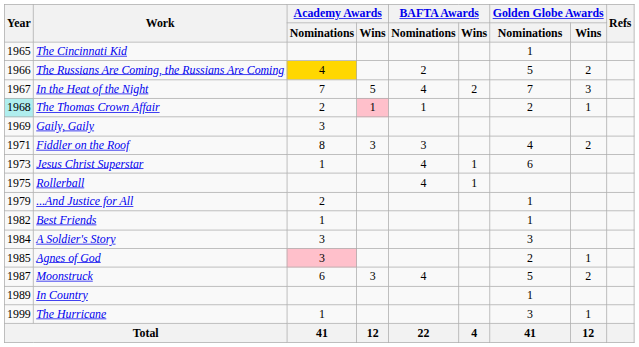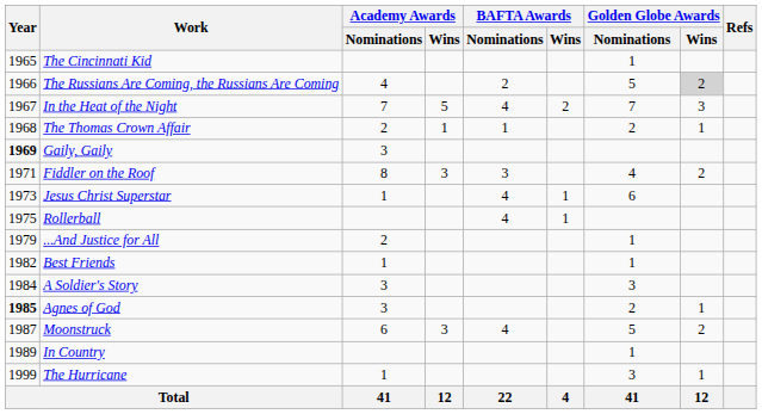 <table class="wikitable ">
 <tr>
 <th rowspan="2">Year</th>
 <th rowspan="2">Work</th>
 <th colspan="2" style="text-align:center;" with="160"><a href='#'>Academy Awards</a></th>
 <th colspan="2" style="text-align:center;" with="160"><a href='#'>BAFTA Awards</a></th>
 <th colspan="2" style="text-align:center;" with="160"><a href='#'>Golden Globe Awards</a></th>
 <th rowspan="2">Refs</th>
 </tr>
 <tr>
 <th>Nominations</th>
 <th>Wins</th>
 <th>Nominations</th>
 <th>Wins</th>
 <th>Nominations</th>
 <th>Wins</th>
 </tr>
 <tr>
 <td>1965</td>
 <td><em><a href='#'>The Cincinnati Kid</a></em></td>
 <td></td>
 <td></td>
 <td></td>
 <td></td>
 <td style="text-align:center;">1</td>
 <td></td>
 <td style="text-align:center;"></td>
 </tr>
 <tr>
 <td>1966</td>
 <td><em><a href='#'>The Russians Are Coming, the Russians Are Coming</a></em></td>
-<td style="background: gold; text-align:center;">4</td>
+<td style="text-align:center;">4</td>
 <td></td>
 <td style="text-align:center;">2</td>
 <td></td>
 <td style="text-align:center;">5</td>
-<td style="text-align:center;">2</td>
+<td style="background: lightgrey; text-align:center;">2</td>
 <td style="text-align:center;"></td>
 </tr>
 <tr>
 <td>1967</td>
 <td><em><a href='#'>In the Heat of the Night</a></em></td>
 <td style="text-align:center;">7</td>
 <td style="text-align:center;">5</td>
 <td style="text-align:center;">4</td>
 <td style="text-align:center;">2</td>
 <td style="text-align:center;">7</td>
 <td style="text-align:center;">3</td>
 <td style="text-align:center;"></td>
 </tr>
 <tr>
-<td style="background: paleturquoise;">1968</td>
+<td>1968</td>
 <td><em><a href='#'>The Thomas Crown Affair</a></em></td>
 <td style="text-align:center;">2</td>
-<td style="background: pink; text-align:center;">1</td>
+<td style="text-align:center;">1</td>
 <td style="text-align:center;">1</td>
 <td></td>
 <td style="text-align:center;">2</td>
 <td style="text-align:center;">1</td>
 <td style="text-align:center;"></td>
 </tr>
 <tr>
-<td>1969</td>
+<td><strong>1969</strong></td>
 <td><em><a href='#'>Gaily, Gaily</a></em></td>
 <td style="text-align:center;">3</td>
 <td></td>
 <td></td>
 <td></td>
 <td></td>
 <td></td>
 <td style="text-align:center;"></td>
 </tr>
 <tr>
 <td>1971</td>
 <td><em><a href='#'>Fiddler on the Roof</a></em></td>
 <td style="text-align:center;">8</td>
 <td style="text-align:center;">3</td>
 <td style="text-align:center;">3</td>
 <td></td>
 <td style="text-align:center;">4</td>
 <td style="text-align:center;">2</td>
 <td style="text-align:center;"></td>
 </tr>
 <tr>
 <td>1973</td>
 <td><em><a href='#'>Jesus Christ Superstar</a></em></td>
 <td style="text-align:center;">1</td>
 <td></td>
 <td style="text-align:center;">4</td>
 <td style="text-align:center;">1</td>
 <td style="text-align:center;">6</td>
 <td></td>
 <td style="text-align:center;"></td>
 </tr>
 <tr>
 <td>1975</td>
 <td><em><a href='#'>Rollerball</a></em></td>
 <td></td>
 <td></td>
 <td style="text-align:center;">4</td>
 <td style="text-align:center;">1</td>
 <td></td>
 <td></td>
 <td style="text-align:center;"></td>
 </tr>
 <tr>
 <td>1979</td>
 <td><em><a href='#'>...And Justice for All</a></em></td>
 <td style="text-align:center;">2</td>
 <td></td>
 <td></td>
 <td></td>
 <td style="text-align:center;">1</td>
 <td></td>
 <td style="text-align:center;"></td>
 </tr>
 <tr>
 <td>1982</td>
 <td><em><a href='#'>Best Friends</a></em></td>
 <td style="text-align:center;">1</td>
 <td></td>
 <td></td>
 <td></td>
 <td style="text-align:center;">1</td>
 <td></td>
 <td style="text-align:center;"></td>
 </tr>
 <tr>
 <td>1984</td>
 <td><em><a href='#'>A Soldier's Story</a></em></td>
 <td style="text-align:center;">3</td>
 <td></td>
 <td></td>
 <td></td>
 <td style="text-align:center;">3</td>
 <td></td>
 <td style="text-align:center;"></td>
 </tr>
 <tr>
-<td>1985</td>
+<td><strong>1985</strong></td>
 <td><em><a href='#'>Agnes of God</a></em></td>
-<td style="background: pink; text-align:center;">3</td>
+<td style="text-align:center;">3</td>
 <td></td>
 <td></td>
 <td></td>
 <td style="text-align:center;">2</td>
 <td style="text-align:center;">1</td>
 <td style="text-align:center;"></td>
 </tr>
 <tr>
 <td>1987</td>
 <td><em><a href='#'>Moonstruck</a></em></td>
 <td style="text-align:center;">6</td>
 <td style="text-align:center;">3</td>
 <td style="text-align:center;">4</td>
 <td></td>
 <td style="text-align:center;">5</td>
 <td style="text-align:center;">2</td>
 <td style="text-align:center;"></td>
 </tr>
 <tr>
 <td>1989</td>
 <td><em><a href='#'>In Country</a></em></td>
 <td></td>
 <td></td>
 <td></td>
 <td></td>
 <td style="text-align:center;">1</td>
 <td></td>
 <td style="text-align:center;"></td>
 </tr>
 <tr>
 <td>1999</td>
 <td><em><a href='#'>The Hurricane</a></em></td>
 <td style="text-align:center;">1</td>
 <td></td>
 <td></td>
 <td></td>
 <td style="text-align:center;">3</td>
 <td style="text-align:center;">1</td>
 <td style="text-align:center;"></td>
 </tr>
 <tr>
 <th colspan="2">Total</th>
 <th align="center">41</th>
 <th align="center">12</th>
 <th align="center">22</th>
 <th align="center">4</th>
 <th align="center">41</th>
 <th align="center">12</th>
 <th align="center"></th>
 </tr>
 </table>
